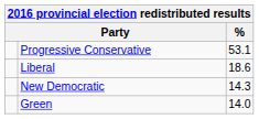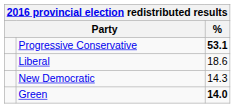 <table class="wikitable">
 <tr>
 <th colspan="4"><a href='#'>2016 provincial election</a> redistributed results</th>
 </tr>
 <tr>
 <th bgcolor="#DDDDFF" width="130px" colspan="2">Party</th>
 <th bgcolor="#DDDDFF" width="30px">%</th>
 </tr>
 <tr>
 <td> </td>
 <td><a href='#'>Progressive Conservative</a></td>
-<td align=right>53.1</td>
+<td align=right><strong>53.1</strong></td>
 </tr>
 <tr>
 <td> </td>
 <td><a href='#'>Liberal</a></td>
 <td align=right>18.6</td>
 </tr>
 <tr>
 <td> </td>
 <td><a href='#'>New Democratic</a></td>
 <td align=right>14.3</td>
 </tr>
 <tr>
 <td> </td>
 <td><a href='#'>Green</a></td>
-<td align=right>14.0</td>
+<td align=right><strong>14.0</strong></td>
 </tr>
 </table>
